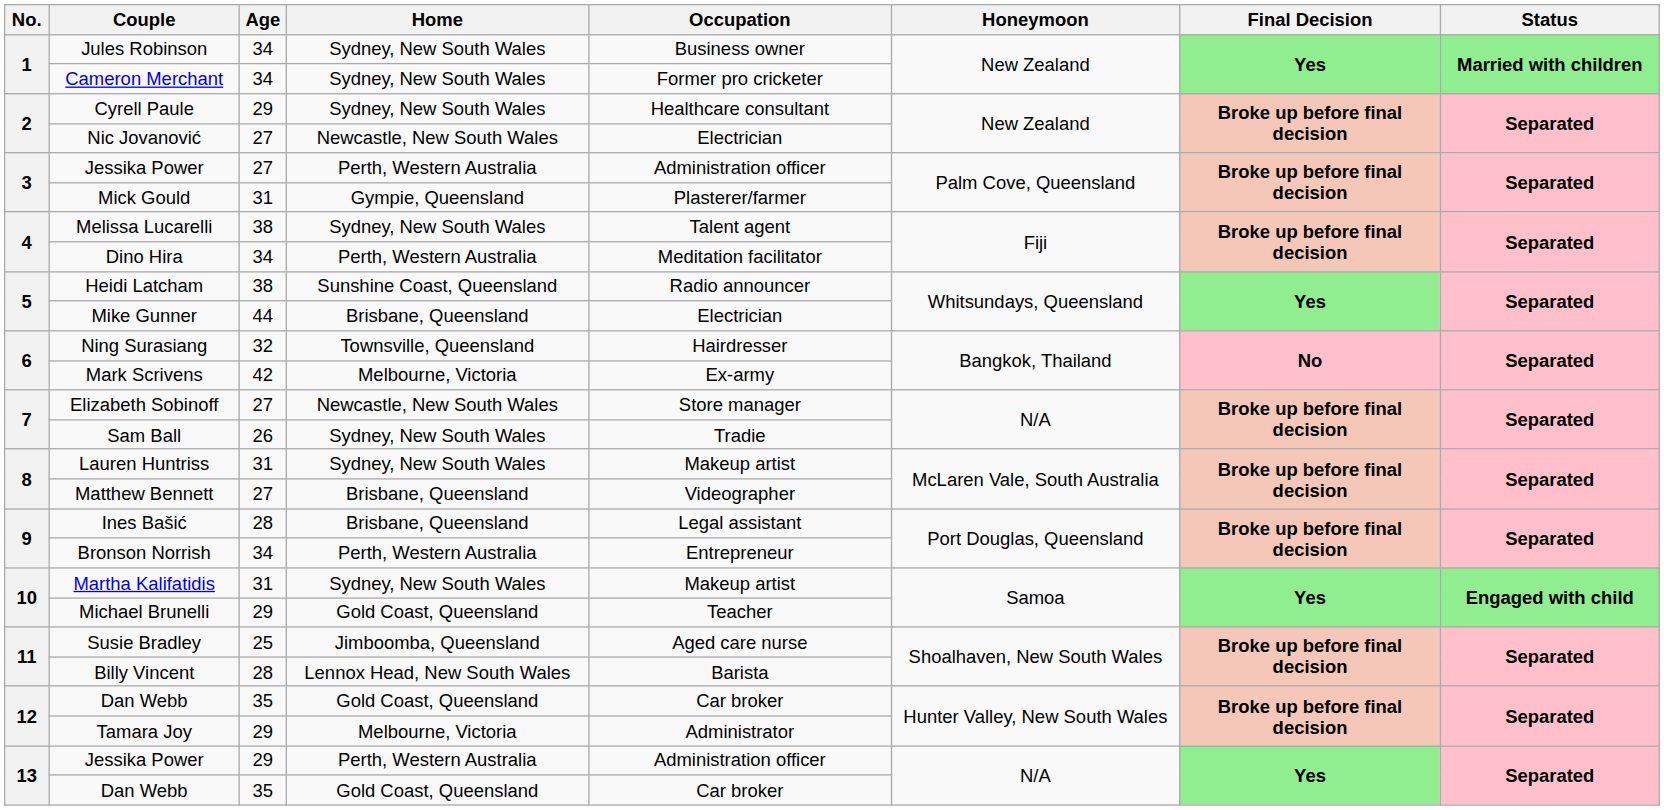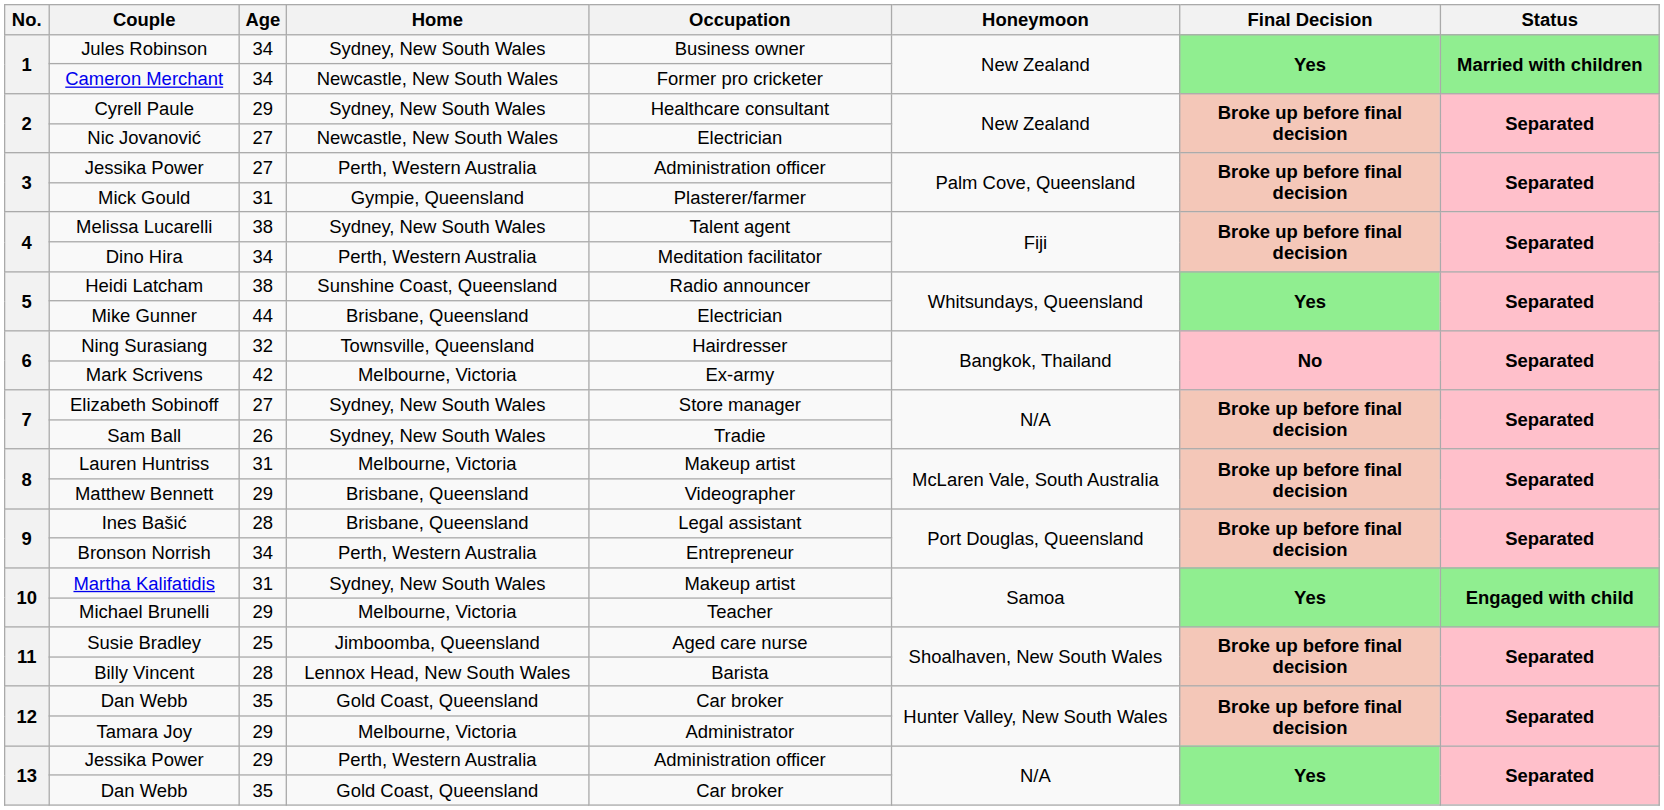 <table class="wikitable plainrowheaders" style="text-align:center; width:100%; font-size:88%;">
 <tr>
 <th width=25>No.</th>
 <th width=130>Couple</th>
 <th width=25>Age</th>
 <th width=210>Home</th>
 <th width=210>Occupation</th>
 <th width=200>Honeymoon</th>
 <th width=180>Final Decision</th>
 <th width=150>Status</th>
 </tr>
 <tr>
 <th rowspan="2">1</th>
 <td>Jules Robinson</td>
 <td>34</td>
 <td>Sydney, New South Wales</td>
 <td>Business owner</td>
 <td rowspan="2">New Zealand</td>
 <th rowspan="2" style="background:lightgreen;">Yes</th>
 <th rowspan="2" style="background:lightgreen;">Married with children</th>
 </tr>
 <tr>
 <td><a href='#'>Cameron Merchant</a></td>
 <td>34</td>
-<td>Sydney, New South Wales</td>
+<td>Newcastle, New South Wales</td>
 <td>Former pro cricketer</td>
 </tr>
 <tr>
 <th rowspan="2">2</th>
 <td>Cyrell Paule</td>
 <td>29</td>
 <td>Sydney, New South Wales</td>
 <td>Healthcare consultant</td>
 <td rowspan="2">New Zealand</td>
 <th rowspan="2" style="background:#f4c7b8;">Broke up before final decision</th>
 <th rowspan="2" style="background:pink;">Separated</th>
 </tr>
 <tr>
 <td>Nic Jovanović</td>
 <td>27</td>
 <td>Newcastle, New South Wales</td>
 <td>Electrician</td>
 </tr>
 <tr>
 <th rowspan="2">3</th>
 <td>Jessika Power</td>
 <td>27</td>
 <td>Perth, Western Australia</td>
 <td>Administration officer</td>
 <td rowspan="2">Palm Cove, Queensland</td>
 <th rowspan="2" style="background:#f4c7b8;">Broke up before final decision</th>
 <th rowspan="2" style="background:pink;">Separated</th>
 </tr>
 <tr>
 <td>Mick Gould</td>
 <td>31</td>
 <td>Gympie, Queensland</td>
 <td>Plasterer/farmer</td>
 </tr>
 <tr>
 <th rowspan="2">4</th>
 <td>Melissa Lucarelli</td>
 <td>38</td>
 <td>Sydney, New South Wales</td>
 <td>Talent agent</td>
 <td rowspan="2">Fiji</td>
 <th rowspan="2" style="background:#f4c7b8;">Broke up before final decision</th>
 <th rowspan="2" style="background:pink;">Separated</th>
 </tr>
 <tr>
 <td>Dino Hira</td>
 <td>34</td>
 <td>Perth, Western Australia</td>
 <td>Meditation facilitator</td>
 </tr>
 <tr>
 <th rowspan="2">5</th>
 <td>Heidi Latcham</td>
 <td>38</td>
 <td>Sunshine Coast, Queensland</td>
 <td>Radio announcer</td>
 <td rowspan="2">Whitsundays, Queensland</td>
 <th rowspan="2" style="background:lightgreen;">Yes</th>
 <th rowspan="2" style="background:pink;">Separated</th>
 </tr>
 <tr>
 <td>Mike Gunner</td>
 <td>44</td>
 <td>Brisbane, Queensland</td>
 <td>Electrician</td>
 </tr>
 <tr>
 <th rowspan="2">6</th>
 <td>Ning Surasiang</td>
 <td>32</td>
 <td>Townsville, Queensland</td>
 <td>Hairdresser</td>
 <td rowspan="2">Bangkok, Thailand</td>
 <th rowspan="2" style="background:pink;">No</th>
 <th rowspan="2" style="background:pink;">Separated</th>
 </tr>
 <tr>
 <td>Mark Scrivens</td>
 <td>42</td>
 <td>Melbourne, Victoria</td>
 <td>Ex-army</td>
 </tr>
 <tr>
 <th rowspan="2">7</th>
 <td>Elizabeth Sobinoff</td>
 <td>27</td>
-<td>Newcastle, New South Wales</td>
+<td>Sydney, New South Wales</td>
 <td>Store manager</td>
 <td rowspan="2">N/A</td>
 <th rowspan="2" style="background:#f4c7b8;">Broke up before final decision</th>
 <th rowspan="2" style="background:pink;">Separated</th>
 </tr>
 <tr>
 <td>Sam Ball</td>
 <td>26</td>
 <td>Sydney, New South Wales</td>
 <td>Tradie</td>
 </tr>
 <tr>
 <th rowspan="2">8</th>
 <td>Lauren Huntriss</td>
 <td>31</td>
-<td>Sydney, New South Wales</td>
+<td>Melbourne, Victoria</td>
 <td>Makeup artist</td>
 <td rowspan="2">McLaren Vale, South Australia</td>
 <th rowspan="2" style="background:#f4c7b8;">Broke up before final decision</th>
 <th rowspan="2" style="background:pink;">Separated</th>
 </tr>
 <tr>
 <td>Matthew Bennett</td>
-<td>27</td>
+<td>29</td>
 <td>Brisbane, Queensland</td>
 <td>Videographer</td>
 </tr>
 <tr>
 <th rowspan="2">9</th>
 <td>Ines Bašić</td>
 <td>28</td>
 <td>Brisbane, Queensland</td>
 <td>Legal assistant</td>
 <td rowspan="2">Port Douglas, Queensland</td>
 <th rowspan="2" style="background:#f4c7b8;">Broke up before final decision</th>
 <th rowspan="2" style="background:pink;">Separated</th>
 </tr>
 <tr>
 <td>Bronson Norrish</td>
 <td>34</td>
 <td>Perth, Western Australia</td>
 <td>Entrepreneur</td>
 </tr>
 <tr>
 <th rowspan="2">10</th>
 <td><a href='#'>Martha Kalifatidis</a></td>
 <td>31</td>
 <td>Sydney, New South Wales</td>
 <td>Makeup artist</td>
 <td rowspan="2">Samoa</td>
 <th rowspan="2" style="background:lightgreen">Yes</th>
 <th rowspan="2" style="background:lightgreen;">Engaged with child</th>
 </tr>
 <tr>
 <td>Michael Brunelli</td>
 <td>29</td>
-<td>Gold Coast, Queensland</td>
+<td>Melbourne, Victoria</td>
 <td>Teacher</td>
 </tr>
 <tr>
 <th rowspan="2">11</th>
 <td>Susie Bradley</td>
 <td>25</td>
 <td>Jimboomba, Queensland</td>
 <td>Aged care nurse</td>
 <td rowspan="2">Shoalhaven, New South Wales</td>
 <th rowspan="2" style="background:#f4c7b8;">Broke up before final decision</th>
 <th rowspan="2" style="background:pink;">Separated</th>
 </tr>
 <tr>
 <td>Billy Vincent</td>
 <td>28</td>
 <td>Lennox Head, New South Wales</td>
 <td>Barista</td>
 </tr>
 <tr>
 <th rowspan="2">12</th>
 <td>Dan Webb</td>
 <td>35</td>
 <td>Gold Coast, Queensland</td>
 <td>Car broker</td>
 <td rowspan="2">Hunter Valley, New South Wales</td>
 <th rowspan="2" style="background:#f4c7b8;">Broke up before final decision</th>
 <th rowspan="2" style="background:pink;">Separated</th>
 </tr>
 <tr>
 <td>Tamara Joy</td>
 <td>29</td>
 <td>Melbourne, Victoria</td>
 <td>Administrator</td>
 </tr>
 <tr>
 <th rowspan="2">13</th>
 <td>Jessika Power</td>
 <td>29</td>
 <td>Perth, Western Australia</td>
 <td>Administration officer</td>
 <td rowspan="2">N/A</td>
 <th rowspan="2" style="background:lightgreen">Yes</th>
 <th rowspan="2" style="background:pink;">Separated</th>
 </tr>
 <tr>
 <td>Dan Webb</td>
 <td>35</td>
 <td>Gold Coast, Queensland</td>
 <td>Car broker</td>
 </tr>
 </table>
